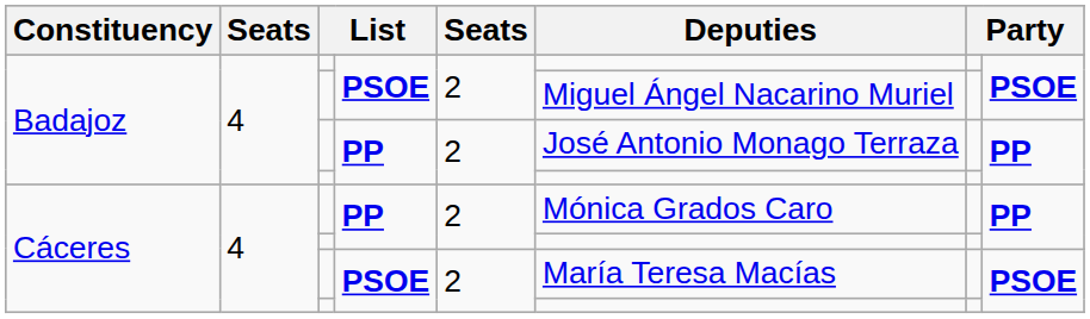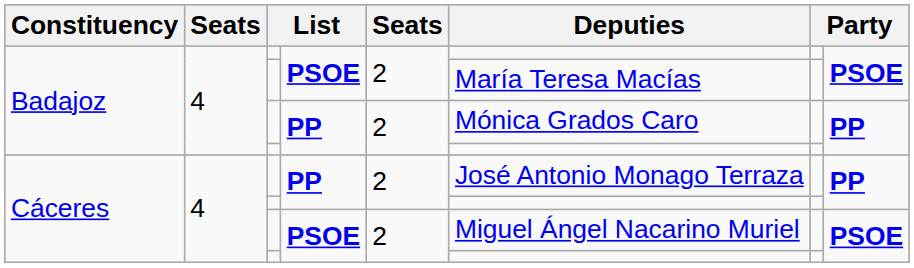 <table class="wikitable sortable">
 <tr>
 <th>Constituency</th>
 <th>Seats</th>
 <th colspan="2">List</th>
 <th>Seats</th>
 <th>Deputies</th>
 <th colspan="2">Party</th>
 </tr>
 <tr>
 <td rowspan="4"><a href='#'>Badajoz</a></td>
 <td rowspan="4">4</td>
 <td width="1"></td>
 <td rowspan="2"><strong><a href='#'>PSOE</a></strong></td>
 <td rowspan="2">2</td>
 <td></td>
 <td width="1"></td>
 <td rowspan="2"><strong><a href='#'>PSOE</a></strong></td>
 </tr>
 <tr>
 <td width="1"></td>
-<td><a href='#'>Miguel Ángel Nacarino Muriel</a></td>
+<td><a href='#'>María Teresa Macías</a></td>
 <td width="1"></td>
 </tr>
 <tr>
 <td width="1"></td>
 <td rowspan="2"><strong><a href='#'>PP</a></strong></td>
 <td rowspan="2">2</td>
-<td><a href='#'>José Antonio Monago Terraza</a></td>
+<td><a href='#'>Mónica Grados Caro</a></td>
 <td width="1"></td>
 <td rowspan="2"><strong><a href='#'>PP</a></strong></td>
 </tr>
 <tr>
 <td></td>
 <td></td>
 <td></td>
 </tr>
 <tr>
 <td rowspan="4"><a href='#'>Cáceres</a></td>
 <td rowspan="4">4</td>
 <td></td>
 <td rowspan="2"><strong><a href='#'>PP</a></strong></td>
 <td rowspan="2">2</td>
-<td><a href='#'>Mónica Grados Caro</a></td>
+<td><a href='#'>José Antonio Monago Terraza</a></td>
 <td></td>
 <td rowspan="2"><strong><a href='#'>PP</a></strong></td>
 </tr>
 <tr>
 <td></td>
 <td></td>
 <td></td>
 </tr>
 <tr>
 <td width="1"></td>
 <td rowspan="2"><strong><a href='#'>PSOE</a></strong></td>
 <td rowspan="2">2</td>
-<td><a href='#'>María Teresa Macías</a></td>
+<td><a href='#'>Miguel Ángel Nacarino Muriel</a></td>
 <td width="1"></td>
 <td rowspan="2"><strong><a href='#'>PSOE</a></strong></td>
 </tr>
 <tr>
 <td width="1"></td>
 <td></td>
 <td width="1"></td>
 </tr>
 </table>
